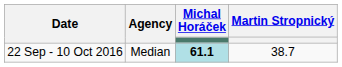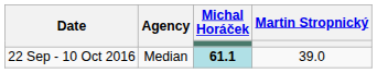 <table class="wikitable collapsible collapsed" style=text-align:center>
 <tr>
 <th rowspan="2">Date</th>
 <th rowspan="2">Agency</th>
 <th><a href='#'>Michal Horáček</a></th>
 <th><a href='#'>Martin Stropnický</a></th>
 </tr>
 <tr>
 <th style="background:#49796B; width:40px;"></th>
 <th style="background:"></th>
 </tr>
 <tr>
 <td>22 Sep - 10 Oct 2016</td>
 <td>Median</td>
 <td style="background:#B0E0E6;"><strong>61.1</strong></td>
-<td>38.7</td>
+<td>39.0</td>
 </tr>
 </table>
